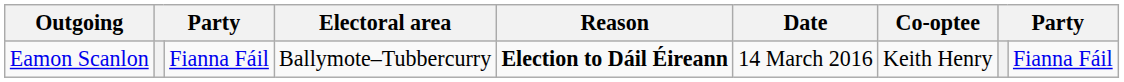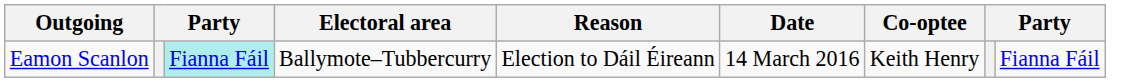 <table class="wikitable" style="font-size: 95%;">
 <tr>
 <th>Outgoing</th>
 <th colspan=2>Party</th>
 <th>Electoral area</th>
 <th>Reason</th>
 <th>Date</th>
 <th>Co-optee</th>
 <th colspan=2>Party</th>
 </tr>
 <tr>
 <td><a href='#'>Eamon Scanlon</a></td>
 <th style="background-color: "></th>
-<td><a href='#'>Fianna Fáil</a></td>
+<td style="background: paleturquoise;"><a href='#'>Fianna Fáil</a></td>
 <td>Ballymote–Tubbercurry</td>
-<td><strong>Election to Dáil Éireann</strong></td>
+<td>Election to Dáil Éireann</td>
 <td>14 March 2016</td>
 <td>Keith Henry</td>
 <th style="background-color: "></th>
 <td><a href='#'>Fianna Fáil</a></td>
 </tr>
 </table>
